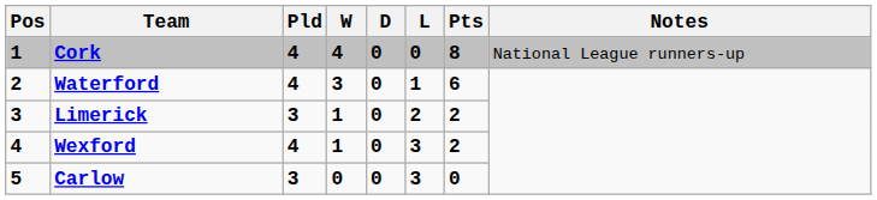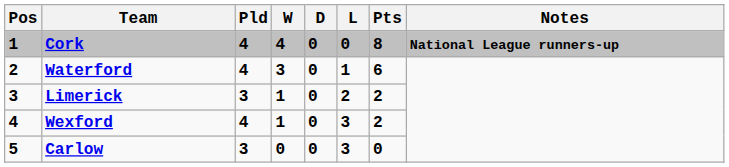 <table class="wikitable" style="text-align: centre;">
 <tr>
 <th width=20>Pos</th>
 <th width=150>Team</th>
 <th width=20>Pld</th>
 <th width=20>W</th>
 <th width=20>D</th>
 <th width=20>L</th>
 <th width=20>Pts</th>
 <th width=250>Notes</th>
 </tr>
 <tr style="background:silver;">
 <td><strong>1</strong></td>
 <td align=left><strong> <a href='#'>Cork</a> </strong></td>
 <td><strong>4</strong></td>
 <td><strong>4</strong></td>
 <td><strong>0</strong></td>
 <td><strong>0</strong></td>
 <td><strong>8</strong></td>
-<td><small>National League runners-up</small></td>
+<td><strong><small>National League runners-up</small></strong></td>
 </tr>
 <tr>
 <td><strong>2</strong></td>
 <td align=left><strong> <a href='#'>Waterford</a> </strong></td>
 <td><strong>4</strong></td>
 <td><strong>3</strong></td>
 <td><strong>0</strong></td>
 <td><strong>1</strong></td>
 <td><strong>6</strong></td>
 </tr>
 <tr>
 <td><strong>3</strong></td>
 <td align=left><strong> <a href='#'>Limerick</a> </strong></td>
 <td><strong>3</strong></td>
 <td><strong>1</strong></td>
 <td><strong>0</strong></td>
 <td><strong>2</strong></td>
 <td><strong>2</strong></td>
 </tr>
 <tr>
 <td><strong>4</strong></td>
 <td align=left><strong> <a href='#'>Wexford</a> </strong></td>
 <td><strong>4</strong></td>
 <td><strong>1</strong></td>
 <td><strong>0</strong></td>
 <td><strong>3</strong></td>
 <td><strong>2</strong></td>
 </tr>
 <tr>
 <td><strong>5</strong></td>
 <td align=left><strong> <a href='#'>Carlow</a> </strong></td>
 <td><strong>3</strong></td>
 <td><strong>0</strong></td>
 <td><strong>0</strong></td>
 <td><strong>3</strong></td>
 <td><strong>0</strong></td>
 </tr>
 </table>
